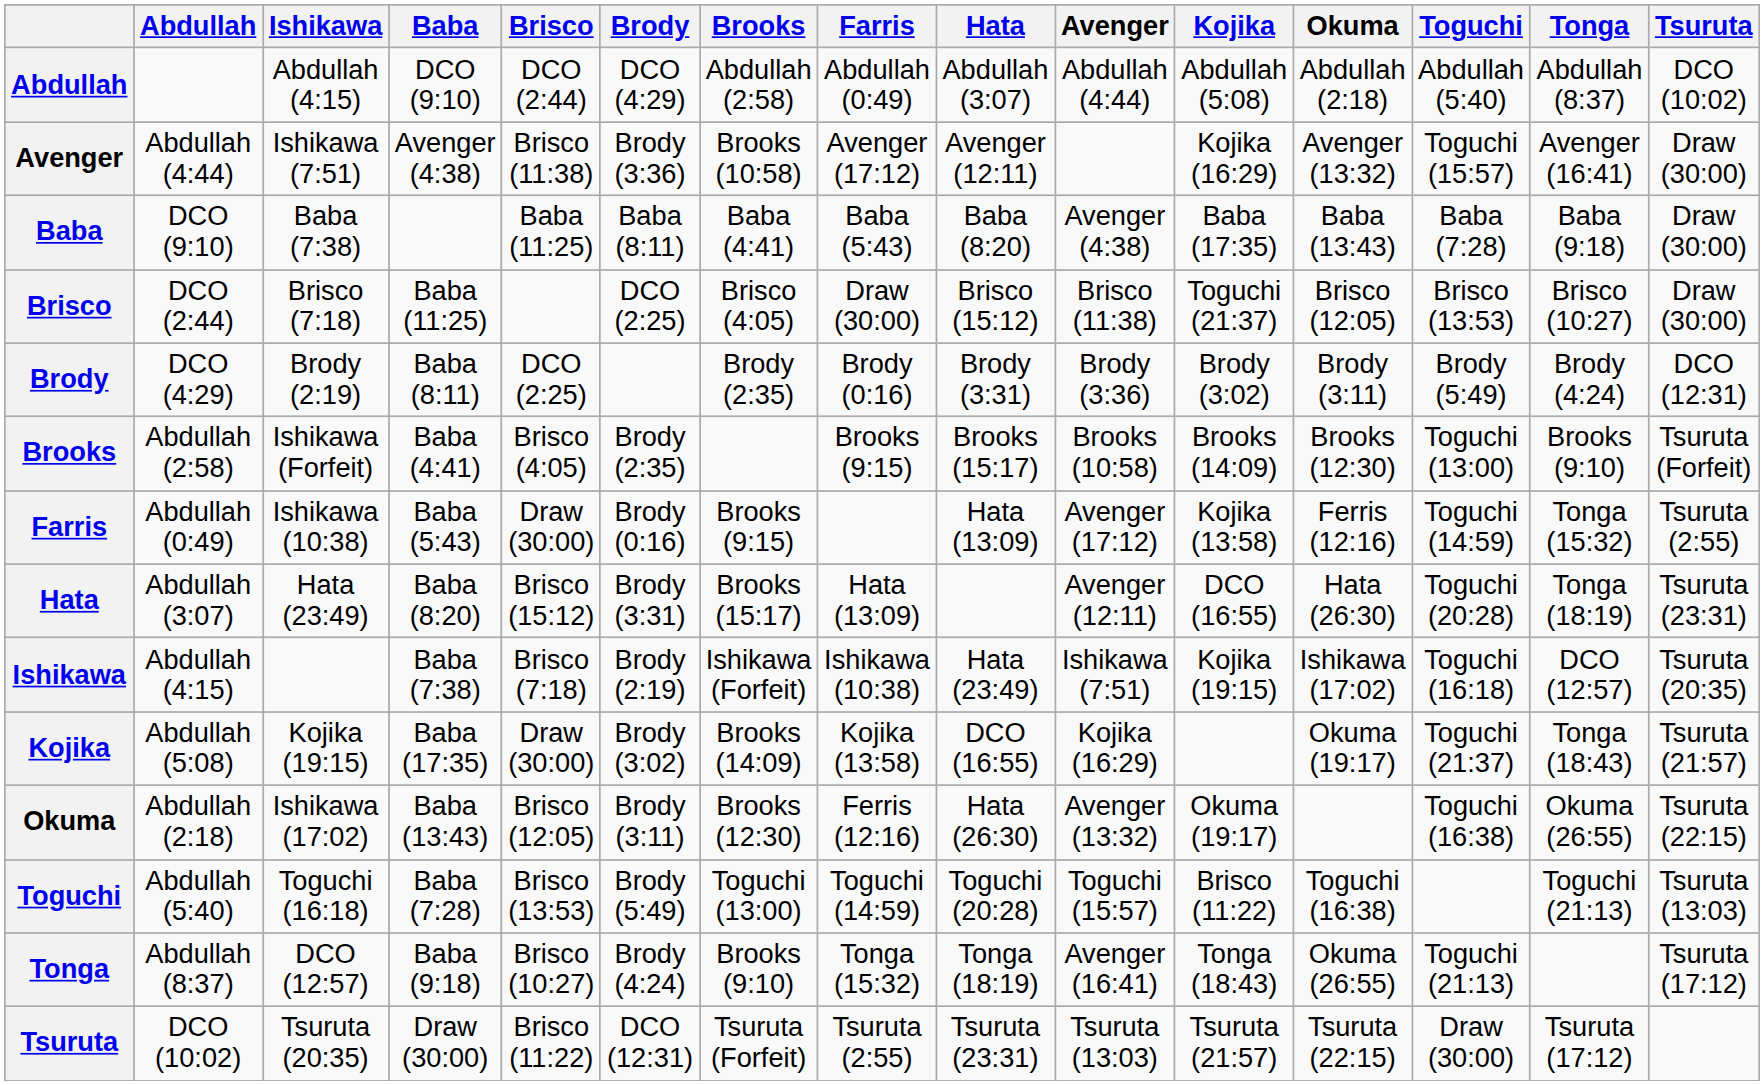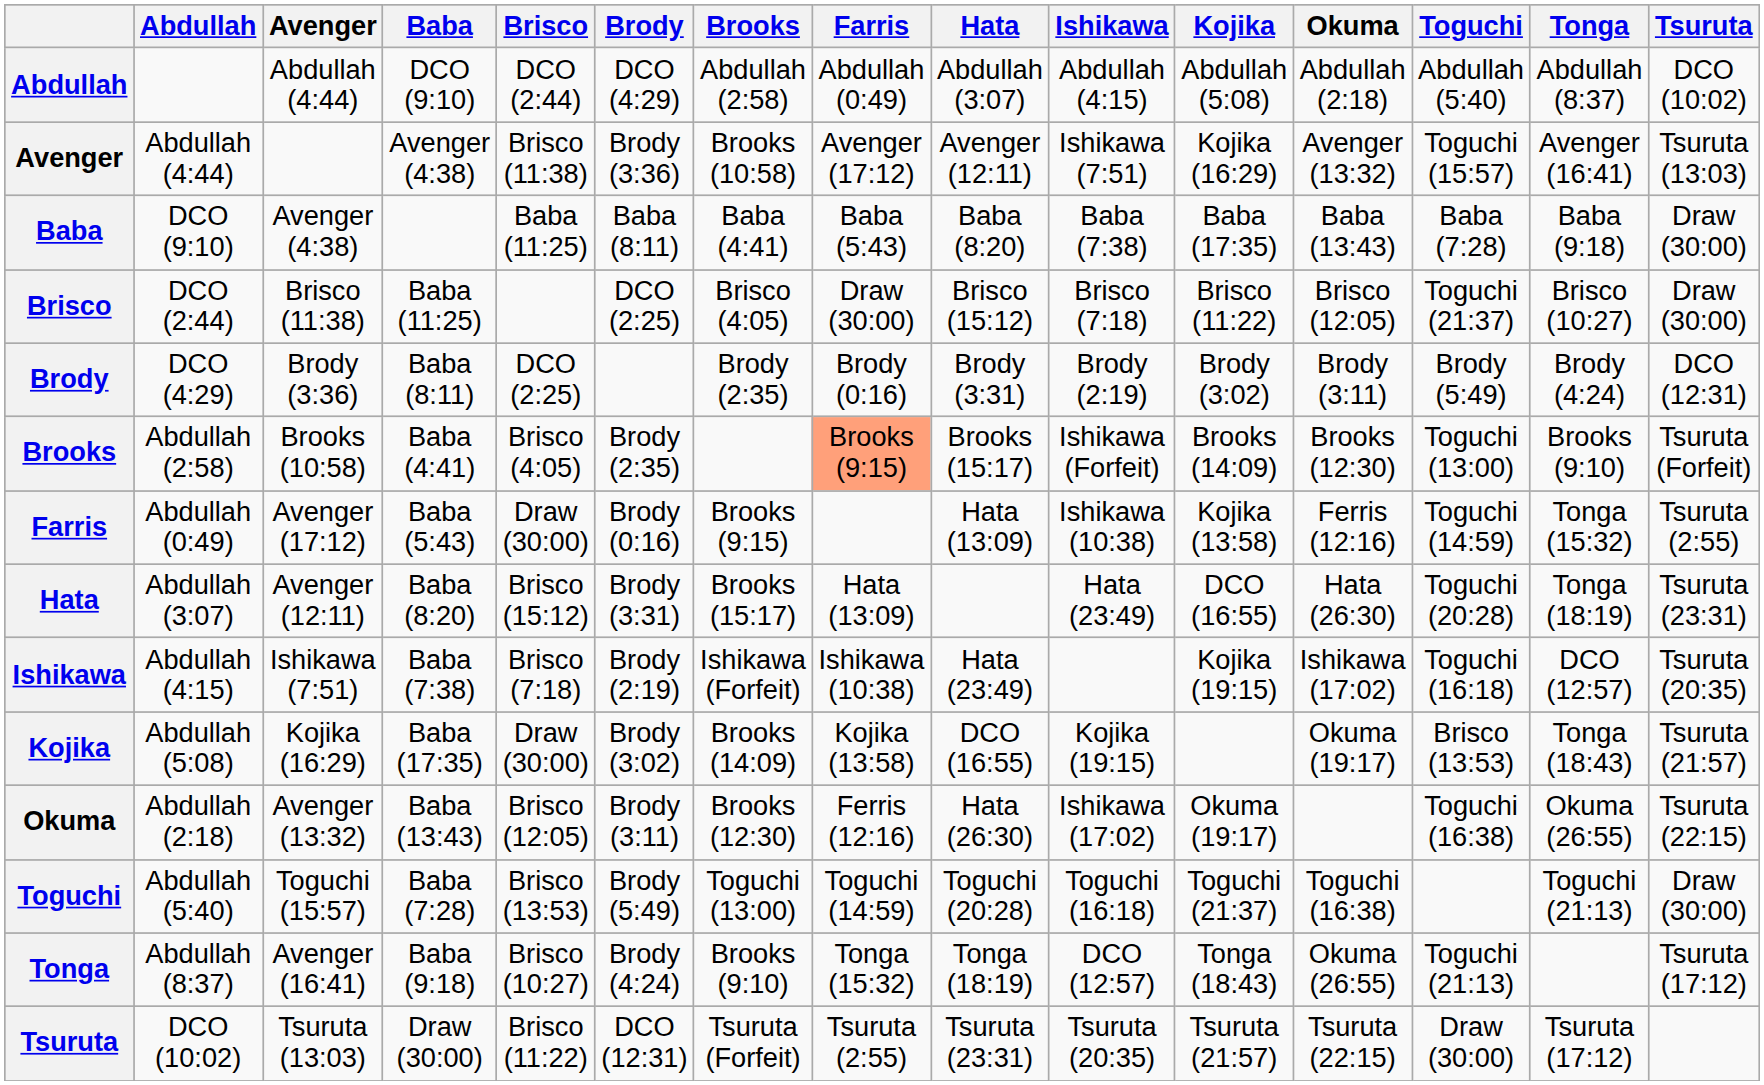 <table class="wikitable" style="margin: 1em auto 1em auto; text-align:center;">
 <tr>
 <th></th>
 <th><a href='#'>Abdullah</a></th>
-<th><a href='#'>Ishikawa</a></th>
+<th>Avenger</th>
 <th><a href='#'>Baba</a></th>
 <th><a href='#'>Brisco</a></th>
 <th><a href='#'>Brody</a></th>
 <th><a href='#'>Brooks</a></th>
 <th><a href='#'>Farris</a></th>
 <th><a href='#'>Hata</a></th>
-<th>Avenger</th>
+<th><a href='#'>Ishikawa</a></th>
 <th><a href='#'>Kojika</a></th>
 <th>Okuma</th>
 <th><a href='#'>Toguchi</a></th>
 <th><a href='#'>Tonga</a></th>
 <th><a href='#'>Tsuruta</a></th>
 </tr>
 <tr>
 <th><a href='#'>Abdullah</a></th>
 <td></td>
-<td>Abdullah (4:15)</td>
+<td>Abdullah (4:44)</td>
 <td>DCO (9:10)</td>
 <td>DCO (2:44)</td>
 <td>DCO (4:29)</td>
 <td>Abdullah (2:58)</td>
 <td>Abdullah (0:49)</td>
 <td>Abdullah (3:07)</td>
-<td>Abdullah (4:44)</td>
+<td>Abdullah (4:15)</td>
 <td>Abdullah (5:08)</td>
 <td>Abdullah (2:18)</td>
 <td>Abdullah (5:40)</td>
 <td>Abdullah (8:37)</td>
 <td>DCO (10:02)</td>
 </tr>
 <tr>
 <th>Avenger</th>
 <td>Abdullah (4:44)</td>
-<td>Ishikawa (7:51)</td>
+<td></td>
 <td>Avenger (4:38)</td>
 <td>Brisco (11:38)</td>
 <td>Brody (3:36)</td>
 <td>Brooks (10:58)</td>
 <td>Avenger (17:12)</td>
 <td>Avenger (12:11)</td>
-<td></td>
+<td>Ishikawa (7:51)</td>
 <td>Kojika (16:29)</td>
 <td>Avenger (13:32)</td>
 <td>Toguchi (15:57)</td>
 <td>Avenger (16:41)</td>
-<td>Draw (30:00)</td>
+<td>Tsuruta (13:03)</td>
 </tr>
 <tr>
 <th><a href='#'>Baba</a></th>
 <td>DCO (9:10)</td>
-<td>Baba (7:38)</td>
+<td>Avenger (4:38)</td>
 <td></td>
 <td>Baba (11:25)</td>
 <td>Baba (8:11)</td>
 <td>Baba (4:41)</td>
 <td>Baba (5:43)</td>
 <td>Baba (8:20)</td>
-<td>Avenger (4:38)</td>
+<td>Baba (7:38)</td>
 <td>Baba (17:35)</td>
 <td>Baba (13:43)</td>
 <td>Baba (7:28)</td>
 <td>Baba (9:18)</td>
 <td>Draw (30:00)</td>
 </tr>
 <tr>
 <th><a href='#'>Brisco</a></th>
 <td>DCO (2:44)</td>
-<td>Brisco (7:18)</td>
+<td>Brisco (11:38)</td>
 <td>Baba (11:25)</td>
 <td></td>
 <td>DCO (2:25)</td>
 <td>Brisco (4:05)</td>
 <td>Draw (30:00)</td>
 <td>Brisco (15:12)</td>
-<td>Brisco (11:38)</td>
+<td>Brisco (7:18)</td>
+<td>Brisco (11:22)</td>
+<td>Brisco (12:05)</td>
 <td>Toguchi (21:37)</td>
-<td>Brisco (12:05)</td>
-<td>Brisco (13:53)</td>
 <td>Brisco (10:27)</td>
 <td>Draw (30:00)</td>
 </tr>
 <tr>
 <th><a href='#'>Brody</a></th>
 <td>DCO (4:29)</td>
-<td>Brody (2:19)</td>
+<td>Brody (3:36)</td>
 <td>Baba (8:11)</td>
 <td>DCO (2:25)</td>
 <td></td>
 <td>Brody (2:35)</td>
 <td>Brody (0:16)</td>
 <td>Brody (3:31)</td>
-<td>Brody (3:36)</td>
+<td>Brody (2:19)</td>
 <td>Brody (3:02)</td>
 <td>Brody (3:11)</td>
 <td>Brody (5:49)</td>
 <td>Brody (4:24)</td>
 <td>DCO (12:31)</td>
 </tr>
 <tr>
 <th><a href='#'>Brooks</a></th>
 <td>Abdullah (2:58)</td>
-<td>Ishikawa (Forfeit)</td>
+<td>Brooks (10:58)</td>
 <td>Baba (4:41)</td>
 <td>Brisco (4:05)</td>
 <td>Brody (2:35)</td>
 <td></td>
-<td>Brooks (9:15)</td>
+<td style="background: lightsalmon;">Brooks (9:15)</td>
 <td>Brooks (15:17)</td>
-<td>Brooks (10:58)</td>
+<td>Ishikawa (Forfeit)</td>
 <td>Brooks (14:09)</td>
 <td>Brooks (12:30)</td>
 <td>Toguchi (13:00)</td>
 <td>Brooks (9:10)</td>
 <td>Tsuruta (Forfeit)</td>
 </tr>
 <tr>
 <th><a href='#'>Farris</a></th>
 <td>Abdullah (0:49)</td>
-<td>Ishikawa (10:38)</td>
+<td>Avenger (17:12)</td>
 <td>Baba (5:43)</td>
 <td>Draw (30:00)</td>
 <td>Brody (0:16)</td>
 <td>Brooks (9:15)</td>
 <td></td>
 <td>Hata (13:09)</td>
-<td>Avenger (17:12)</td>
+<td>Ishikawa (10:38)</td>
 <td>Kojika (13:58)</td>
 <td>Ferris (12:16)</td>
 <td>Toguchi (14:59)</td>
 <td>Tonga (15:32)</td>
 <td>Tsuruta (2:55)</td>
 </tr>
 <tr>
 <th><a href='#'>Hata</a></th>
 <td>Abdullah (3:07)</td>
-<td>Hata (23:49)</td>
+<td>Avenger (12:11)</td>
 <td>Baba (8:20)</td>
 <td>Brisco (15:12)</td>
 <td>Brody (3:31)</td>
 <td>Brooks (15:17)</td>
 <td>Hata (13:09)</td>
 <td></td>
-<td>Avenger (12:11)</td>
+<td>Hata (23:49)</td>
 <td>DCO (16:55)</td>
 <td>Hata (26:30)</td>
 <td>Toguchi (20:28)</td>
 <td>Tonga (18:19)</td>
 <td>Tsuruta (23:31)</td>
 </tr>
 <tr>
 <th><a href='#'>Ishikawa</a></th>
 <td>Abdullah (4:15)</td>
-<td></td>
+<td>Ishikawa (7:51)</td>
 <td>Baba (7:38)</td>
 <td>Brisco (7:18)</td>
 <td>Brody (2:19)</td>
 <td>Ishikawa (Forfeit)</td>
 <td>Ishikawa (10:38)</td>
 <td>Hata (23:49)</td>
-<td>Ishikawa (7:51)</td>
+<td></td>
 <td>Kojika (19:15)</td>
 <td>Ishikawa (17:02)</td>
 <td>Toguchi (16:18)</td>
 <td>DCO (12:57)</td>
 <td>Tsuruta (20:35)</td>
 </tr>
 <tr>
 <th><a href='#'>Kojika</a></th>
 <td>Abdullah (5:08)</td>
-<td>Kojika (19:15)</td>
+<td>Kojika (16:29)</td>
 <td>Baba (17:35)</td>
 <td>Draw (30:00)</td>
 <td>Brody (3:02)</td>
 <td>Brooks (14:09)</td>
 <td>Kojika (13:58)</td>
 <td>DCO (16:55)</td>
-<td>Kojika (16:29)</td>
+<td>Kojika (19:15)</td>
 <td></td>
 <td>Okuma (19:17)</td>
-<td>Toguchi (21:37)</td>
+<td>Brisco (13:53)</td>
 <td>Tonga (18:43)</td>
 <td>Tsuruta (21:57)</td>
 </tr>
 <tr>
 <th>Okuma</th>
 <td>Abdullah (2:18)</td>
-<td>Ishikawa (17:02)</td>
+<td>Avenger (13:32)</td>
 <td>Baba (13:43)</td>
 <td>Brisco (12:05)</td>
 <td>Brody (3:11)</td>
 <td>Brooks (12:30)</td>
 <td>Ferris (12:16)</td>
 <td>Hata (26:30)</td>
-<td>Avenger (13:32)</td>
+<td>Ishikawa (17:02)</td>
 <td>Okuma (19:17)</td>
 <td></td>
 <td>Toguchi (16:38)</td>
 <td>Okuma (26:55)</td>
 <td>Tsuruta (22:15)</td>
 </tr>
 <tr>
 <th><a href='#'>Toguchi</a></th>
 <td>Abdullah (5:40)</td>
-<td>Toguchi (16:18)</td>
+<td>Toguchi (15:57)</td>
 <td>Baba (7:28)</td>
 <td>Brisco (13:53)</td>
 <td>Brody (5:49)</td>
 <td>Toguchi (13:00)</td>
 <td>Toguchi (14:59)</td>
 <td>Toguchi (20:28)</td>
-<td>Toguchi (15:57)</td>
-<td>Brisco (11:22)</td>
+<td>Toguchi (16:18)</td>
+<td>Toguchi (21:37)</td>
 <td>Toguchi (16:38)</td>
 <td></td>
 <td>Toguchi (21:13)</td>
-<td>Tsuruta (13:03)</td>
+<td>Draw (30:00)</td>
 </tr>
 <tr>
 <th><a href='#'>Tonga</a></th>
 <td>Abdullah (8:37)</td>
-<td>DCO (12:57)</td>
+<td>Avenger (16:41)</td>
 <td>Baba (9:18)</td>
 <td>Brisco (10:27)</td>
 <td>Brody (4:24)</td>
 <td>Brooks (9:10)</td>
 <td>Tonga (15:32)</td>
 <td>Tonga (18:19)</td>
-<td>Avenger (16:41)</td>
+<td>DCO (12:57)</td>
 <td>Tonga (18:43)</td>
 <td>Okuma (26:55)</td>
 <td>Toguchi (21:13)</td>
 <td></td>
 <td>Tsuruta (17:12)</td>
 </tr>
 <tr>
 <th><a href='#'>Tsuruta</a></th>
 <td>DCO (10:02)</td>
-<td>Tsuruta (20:35)</td>
+<td>Tsuruta (13:03)</td>
 <td>Draw (30:00)</td>
 <td>Brisco (11:22)</td>
 <td>DCO (12:31)</td>
 <td>Tsuruta (Forfeit)</td>
 <td>Tsuruta (2:55)</td>
 <td>Tsuruta (23:31)</td>
-<td>Tsuruta (13:03)</td>
+<td>Tsuruta (20:35)</td>
 <td>Tsuruta (21:57)</td>
 <td>Tsuruta (22:15)</td>
 <td>Draw (30:00)</td>
 <td>Tsuruta (17:12)</td>
 <td></td>
 </tr>
 </table>
